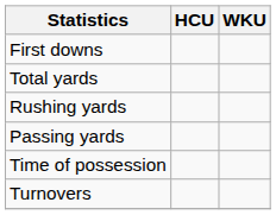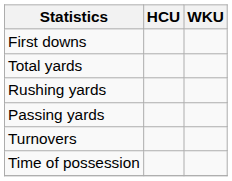 <table class="wikitable" style="float: left;">
 <tr>
 <th>Statistics</th>
 <th>HCU</th>
 <th>WKU</th>
 </tr>
 <tr>
 <td>First downs</td>
 <td></td>
 <td></td>
 </tr>
 <tr>
 <td>Total yards</td>
 <td></td>
 <td></td>
 </tr>
 <tr>
 <td>Rushing yards</td>
 <td></td>
 <td></td>
 </tr>
 <tr>
 <td>Passing yards</td>
 <td></td>
 <td></td>
 </tr>
 <tr>
-<td>Time of possession</td>
+<td>Turnovers</td>
 <td></td>
 <td></td>
 </tr>
 <tr>
-<td>Turnovers</td>
+<td>Time of possession</td>
 <td></td>
 <td></td>
 </tr>
 <tr>
 </tr>
 </table>
